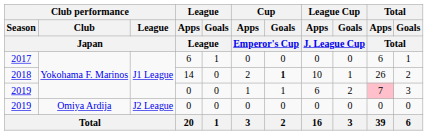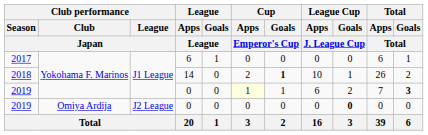 <table class="wikitable" style="text-align:center;">
 <tr>
 <th colspan=3>Club performance</th>
 <th colspan=2>League</th>
 <th colspan=2>Cup</th>
 <th colspan=2>League Cup</th>
 <th colspan=2>Total</th>
 </tr>
 <tr>
 <th>Season</th>
 <th>Club</th>
 <th>League</th>
 <th>Apps</th>
 <th>Goals</th>
 <th>Apps</th>
 <th>Goals</th>
 <th>Apps</th>
 <th>Goals</th>
 <th>Apps</th>
 <th>Goals</th>
 </tr>
 <tr>
 <th colspan=3>Japan</th>
 <th colspan=2>League</th>
 <th colspan=2><a href='#'>Emperor's Cup</a></th>
 <th colspan=2><a href='#'>J. League Cup</a></th>
 <th colspan=2>Total</th>
 </tr>
 <tr>
 <td><a href='#'>2017</a></td>
 <td rowspan="3"><a href='#'>Yokohama F. Marinos</a></td>
 <td rowspan="3"><a href='#'>J1 League</a></td>
 <td>6</td>
 <td>1</td>
 <td>0</td>
 <td>0</td>
 <td>0</td>
 <td>0</td>
 <td>6</td>
 <td>1</td>
 </tr>
 <tr>
 <td><a href='#'>2018</a></td>
 <td>14</td>
 <td>0</td>
 <td>2</td>
 <td><strong>1</strong></td>
 <td>10</td>
 <td>1</td>
 <td>26</td>
 <td>2</td>
 </tr>
 <tr>
 <td><a href='#'>2019</a></td>
 <td>0</td>
 <td>0</td>
-<td>1</td>
+<td style="background: lightyellow;">1</td>
 <td>1</td>
 <td>6</td>
 <td>2</td>
-<td style="background: pink;">7</td>
-<td>3</td>
+<td>7</td>
+<td><strong>3</strong></td>
 </tr>
 <tr>
 <td><a href='#'>2019</a></td>
 <td rowspan="1"><a href='#'>Omiya Ardija</a></td>
 <td rowspan="1"><a href='#'>J2 League</a></td>
 <td>0</td>
 <td>0</td>
 <td>0</td>
 <td>0</td>
 <td>0</td>
-<td>0</td>
+<td><strong>0</strong></td>
 <td>0</td>
 <td>0</td>
 </tr>
 <tr>
 <th colspan=3>Total</th>
 <th>20</th>
 <th>1</th>
 <th>3</th>
 <th>2</th>
 <th>16</th>
 <th>3</th>
 <th>39</th>
 <th>6</th>
 </tr>
 </table>
